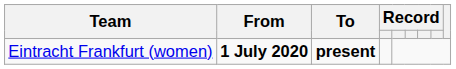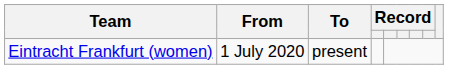 <table class="wikitable" style="text-align: center">
 <tr>
 <th rowspan="2">Team</th>
 <th rowspan="2">From</th>
 <th rowspan="2">To</th>
 <th colspan="5">Record</th>
 <th rowspan="2"></th>
 </tr>
 <tr>
 <th></th>
 <th></th>
 <th></th>
 <th></th>
 <th></th>
 </tr>
 <tr>
 <td><a href='#'>Eintracht Frankfurt (women)</a></td>
-<td><strong>1 July 2020</strong></td>
-<td><strong>present<br></strong></td>
+<td>1 July 2020</td>
+<td>present<br></td>
 <td></td>
 </tr>
 </table>
